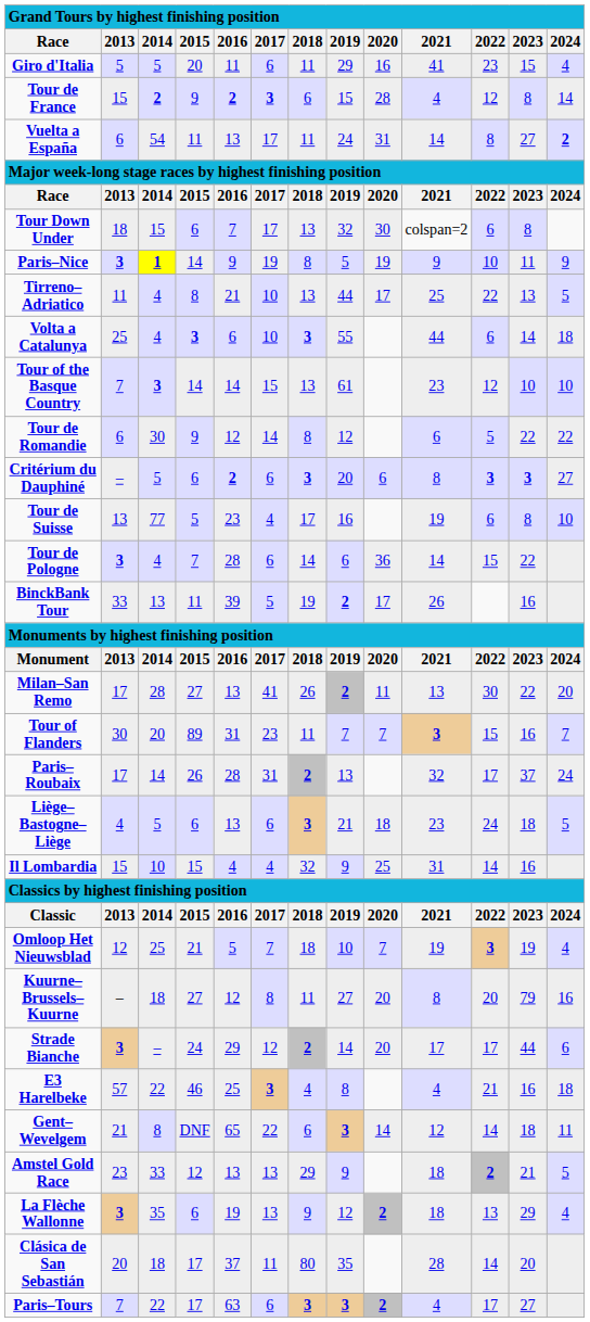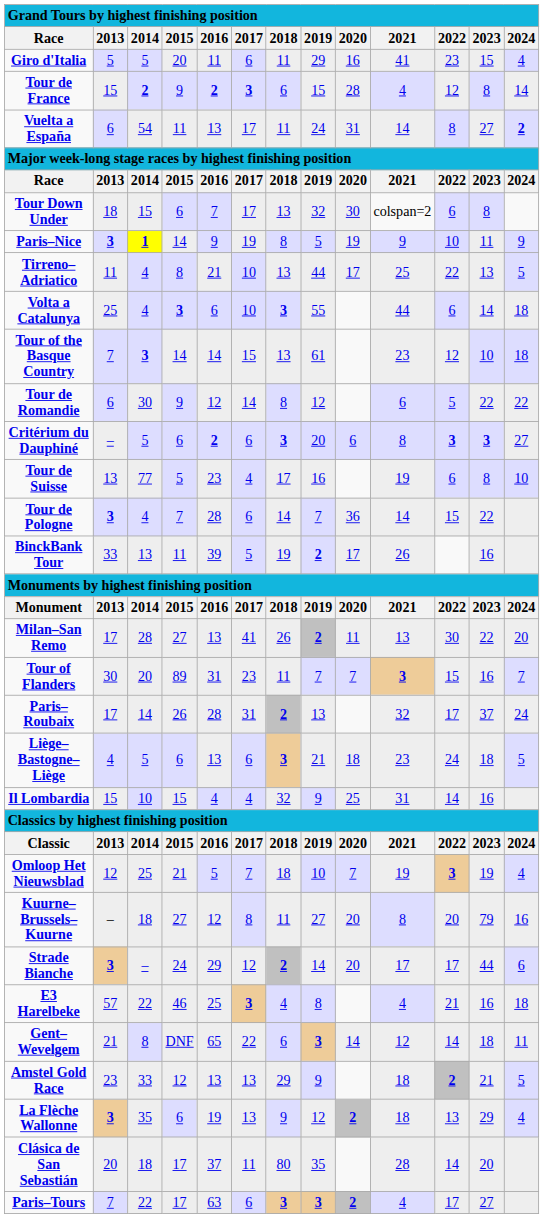 <table class="wikitable">
 <tr style="background:#eee;">
 <td style="background:#12B6DD;" colspan=35><strong>Grand Tours by highest finishing position</strong></td>
 </tr>
 <tr>
 <th>Race</th>
 <th>2013</th>
 <th>2014</th>
 <th>2015</th>
 <th>2016</th>
 <th>2017</th>
 <th>2018</th>
 <th>2019</th>
 <th>2020</th>
 <th>2021</th>
 <th>2022</th>
 <th>2023</th>
 <th>2024</th>
 </tr>
 <tr align="center">
 <td><strong><a href='#'>Giro d'Italia</a></strong></td>
 <td style="background:#ddf;"><a href='#'>5</a></td>
 <td style="background:#ddf;"><a href='#'>5</a></td>
 <td style="background:#eee;"><a href='#'>20</a></td>
 <td style="background:#eee;"><a href='#'>11</a></td>
 <td style="background:#ddf;"><a href='#'>6</a></td>
 <td style="background:#eee;"><a href='#'>11</a></td>
 <td style="background:#eee;"><a href='#'>29</a></td>
 <td style="background:#eee;"><a href='#'>16</a></td>
 <td style="background:#eee;"><a href='#'>41</a></td>
 <td style="background:#eee;"><a href='#'>23</a></td>
 <td style="background:#eee;"><a href='#'>15</a></td>
 <td style="background:#ddf;"><a href='#'>4</a></td>
 </tr>
 <tr align="center">
 <td><strong><a href='#'>Tour de France</a></strong></td>
 <td style="background:#eee;"><a href='#'>15</a></td>
 <td style="background:#ddf;"><a href='#'><strong>2</strong></a></td>
 <td style="background:#ddf;"><a href='#'>9</a></td>
 <td style="background:#ddf;"><a href='#'><strong>2</strong></a></td>
 <td style="background:#ddf;"><a href='#'><strong>3</strong></a></td>
 <td style="background:#ddf;"><a href='#'>6</a></td>
 <td style="background:#eee;"><a href='#'>15</a></td>
 <td style="background:#eee;"><a href='#'>28</a></td>
 <td style="background:#ddf;"><a href='#'>4</a></td>
 <td style="background:#eee;"><a href='#'>12</a></td>
 <td style="background:#ddf;"><a href='#'>8</a></td>
 <td style="background:#eee;"><a href='#'>14</a></td>
 </tr>
 <tr align="center">
 <td><strong><a href='#'>Vuelta a España</a></strong></td>
 <td style="background:#ddf;"><a href='#'>6</a></td>
 <td style="background:#eee;"><a href='#'>54</a></td>
 <td style="background:#eee;"><a href='#'>11</a></td>
 <td style="background:#eee;"><a href='#'>13</a></td>
 <td style="background:#eee;"><a href='#'>17</a></td>
 <td style="background:#eee;"><a href='#'>11</a></td>
 <td style="background:#eee;"><a href='#'>24</a></td>
 <td style="background:#eee;"><a href='#'>31</a></td>
 <td style="background:#eee;"><a href='#'>14</a></td>
 <td style="background:#ddf;"><a href='#'>8</a></td>
 <td style="background:#eee;"><a href='#'>27</a></td>
 <td style="background:#ddf;"><a href='#'><strong>2</strong></a></td>
 </tr>
 <tr>
 <td style="background:#12B6DD;" colspan=35><strong>Major week-long stage races by highest finishing position</strong></td>
 </tr>
 <tr>
 <th>Race</th>
 <th>2013</th>
 <th>2014</th>
 <th>2015</th>
 <th>2016</th>
 <th>2017</th>
 <th>2018</th>
 <th>2019</th>
 <th>2020</th>
 <th>2021</th>
 <th>2022</th>
 <th>2023</th>
 <th>2024</th>
 </tr>
 <tr align="center">
 <td><strong><a href='#'>Tour Down Under</a></strong></td>
 <td style="background:#eee;"><a href='#'>18</a></td>
 <td style="background:#eee;"><a href='#'>15</a></td>
 <td style="background:#ddf;"><a href='#'>6</a></td>
 <td style="background:#ddf;"><a href='#'>7</a></td>
 <td style="background:#eee;"><a href='#'>17</a></td>
 <td style="background:#eee;"><a href='#'>13</a></td>
 <td style="background:#eee;"><a href='#'>32</a></td>
 <td style="background:#eee;"><a href='#'>30</a></td>
 <td>colspan=2 </td>
 <td style="background:#ddf;"><a href='#'>6</a></td>
 <td style="background:#ddf;"><a href='#'>8</a></td>
 </tr>
 <tr align="center">
 <td><strong><a href='#'>Paris–Nice</a></strong></td>
 <td style="background:#ddf;"><a href='#'><strong>3</strong></a></td>
 <td style="background:yellow;"><a href='#'><strong>1</strong></a></td>
 <td style="background:#eee;"><a href='#'>14</a></td>
 <td style="background:#ddf;"><a href='#'>9</a></td>
 <td style="background:#eee;"><a href='#'>19</a></td>
 <td style="background:#ddf;"><a href='#'>8</a></td>
 <td style="background:#ddf;"><a href='#'>5</a></td>
 <td style="background:#eee;"><a href='#'>19</a></td>
 <td style="background:#ddf;"><a href='#'>9</a></td>
 <td style="background:#ddf;"><a href='#'>10</a></td>
 <td style="background:#eee;"><a href='#'>11</a></td>
 <td style="background:#ddf;"><a href='#'>9</a></td>
 </tr>
 <tr align="center">
 <td><strong><a href='#'>Tirreno–Adriatico</a></strong></td>
 <td style="background:#eee;"><a href='#'>11</a></td>
 <td style="background:#ddf;"><a href='#'>4</a></td>
 <td style="background:#ddf;"><a href='#'>8</a></td>
 <td style="background:#eee;"><a href='#'>21</a></td>
 <td style="background:#ddf;"><a href='#'>10</a></td>
 <td style="background:#eee;"><a href='#'>13</a></td>
 <td style="background:#eee;"><a href='#'>44</a></td>
 <td style="background:#eee;"><a href='#'>17</a></td>
 <td style="background:#eee;"><a href='#'>25</a></td>
 <td style="background:#eee;"><a href='#'>22</a></td>
 <td style="background:#eee;"><a href='#'>13</a></td>
 <td style="background:#ddf;"><a href='#'>5</a></td>
 </tr>
 <tr align="center">
 <td><strong><a href='#'>Volta a Catalunya</a></strong></td>
 <td style="background:#eee;"><a href='#'>25</a></td>
 <td style="background:#ddf;"><a href='#'>4</a></td>
 <td style="background:#ddf;"><a href='#'><strong>3</strong></a></td>
 <td style="background:#ddf;"><a href='#'>6</a></td>
 <td style="background:#ddf;"><a href='#'>10</a></td>
 <td style="background:#ddf;"><a href='#'><strong>3</strong></a></td>
 <td style="background:#eee;"><a href='#'>55</a></td>
 <td></td>
 <td style="background:#eee;"><a href='#'>44</a></td>
 <td style="background:#ddf;"><a href='#'>6</a></td>
 <td style="background:#eee;"><a href='#'>14</a></td>
 <td style="background:#eee;"><a href='#'>18</a></td>
 </tr>
 <tr align="center">
 <td><strong><a href='#'>Tour of the Basque Country</a></strong></td>
 <td style="background:#ddf;"><a href='#'>7</a></td>
 <td style="background:#ddf;"><a href='#'><strong>3</strong></a></td>
 <td style="background:#eee;"><a href='#'>14</a></td>
 <td style="background:#eee;"><a href='#'>14</a></td>
 <td style="background:#eee;"><a href='#'>15</a></td>
 <td style="background:#eee;"><a href='#'>13</a></td>
 <td style="background:#eee;"><a href='#'>61</a></td>
 <td></td>
 <td style="background:#eee;"><a href='#'>23</a></td>
 <td style="background:#eee;"><a href='#'>12</a></td>
 <td style="background:#ddf;"><a href='#'>10</a></td>
-<td style="background:#ddf;"><a href='#'>10</a></td>
+<td style="background:#ddf;"><a href='#'>18</a></td>
 </tr>
 <tr align="center">
 <td><strong><a href='#'>Tour de Romandie</a></strong></td>
 <td style="background:#ddf;"><a href='#'>6</a></td>
 <td style="background:#eee;"><a href='#'>30</a></td>
 <td style="background:#ddf;"><a href='#'>9</a></td>
 <td style="background:#eee;"><a href='#'>12</a></td>
 <td style="background:#eee;"><a href='#'>14</a></td>
 <td style="background:#ddf;"><a href='#'>8</a></td>
 <td style="background:#eee;"><a href='#'>12</a></td>
 <td></td>
 <td style="background:#ddf;"><a href='#'>6</a></td>
 <td style="background:#ddf;"><a href='#'>5</a></td>
 <td style="background:#eee;"><a href='#'>22</a></td>
 <td style="background:#eee;"><a href='#'>22</a></td>
 </tr>
 <tr align="center">
 <td><strong><a href='#'>Critérium du Dauphiné</a></strong></td>
 <td style="background:#eee;"><a href='#'>–</a></td>
 <td style="background:#ddf;"><a href='#'>5</a></td>
 <td style="background:#ddf;"><a href='#'>6</a></td>
 <td style="background:#ddf;"><a href='#'><strong>2</strong></a></td>
 <td style="background:#ddf;"><a href='#'>6</a></td>
 <td style="background:#ddf;"><a href='#'><strong>3</strong></a></td>
 <td style="background:#ddf;"><a href='#'>20</a></td>
 <td style="background:#ddf;"><a href='#'>6</a></td>
 <td style="background:#ddf;"><a href='#'>8</a></td>
 <td style="background:#ddf;"><a href='#'><strong>3</strong></a></td>
 <td style="background:#ddf;"><a href='#'><strong>3</strong></a></td>
 <td style="background:#eee;"><a href='#'>27</a></td>
 </tr>
 <tr align="center">
 <td><strong><a href='#'>Tour de Suisse</a></strong></td>
 <td style="background:#eee;"><a href='#'>13</a></td>
 <td style="background:#eee;"><a href='#'>77</a></td>
 <td style="background:#ddf;"><a href='#'>5</a></td>
 <td style="background:#eee;"><a href='#'>23</a></td>
 <td style="background:#ddf;"><a href='#'>4</a></td>
 <td style="background:#eee;"><a href='#'>17</a></td>
 <td style="background:#eee;"><a href='#'>16</a></td>
 <td></td>
 <td style="background:#eee;"><a href='#'>19</a></td>
 <td style="background:#ddf;"><a href='#'>6</a></td>
 <td style="background:#ddf;"><a href='#'>8</a></td>
 <td style="background:#ddf;"><a href='#'>10</a></td>
 </tr>
 <tr align="center">
 <td><strong><a href='#'>Tour de Pologne</a></strong></td>
 <td style="background:#ddf;"><a href='#'><strong>3</strong></a></td>
 <td style="background:#ddf;"><a href='#'>4</a></td>
 <td style="background:#ddf;"><a href='#'>7</a></td>
 <td style="background:#eee;"><a href='#'>28</a></td>
 <td style="background:#ddf;"><a href='#'>6</a></td>
 <td style="background:#eee;"><a href='#'>14</a></td>
-<td style="background:#ddf;"><a href='#'>6</a></td>
+<td style="background:#ddf;"><a href='#'>7</a></td>
 <td style="background:#eee;"><a href='#'>36</a></td>
 <td style="background:#eee;"><a href='#'>14</a></td>
 <td style="background:#eee;"><a href='#'>15</a></td>
 <td style="background:#eee;"><a href='#'>22</a></td>
 <td style="background:#eee;"></td>
 </tr>
 <tr align="center">
 <td><strong><a href='#'>BinckBank Tour</a></strong></td>
 <td style="background:#eee;"><a href='#'>33</a></td>
 <td style="background:#eee;"><a href='#'>13</a></td>
 <td style="background:#eee;"><a href='#'>11</a></td>
 <td style="background:#eee;"><a href='#'>39</a></td>
 <td style="background:#ddf;"><a href='#'>5</a></td>
 <td style="background:#eee;"><a href='#'>19</a></td>
 <td style="background:#ddf;"><a href='#'><strong>2</strong></a></td>
 <td style="background:#eee;"><a href='#'>17</a></td>
 <td style="background:#eee;"><a href='#'>26</a></td>
 <td></td>
 <td style="background:#eee;"><a href='#'>16</a></td>
 <td style="background:#eee;"></td>
 </tr>
 <tr>
 <td style="background:#12B6DD;" colspan=35><strong>Monuments by highest finishing position</strong></td>
 </tr>
 <tr>
 <th>Monument</th>
 <th>2013</th>
 <th>2014</th>
 <th>2015</th>
 <th>2016</th>
 <th>2017</th>
 <th>2018</th>
 <th>2019</th>
 <th>2020</th>
 <th>2021</th>
 <th>2022</th>
 <th>2023</th>
 <th>2024</th>
 </tr>
 <tr align="center">
 <td><strong><a href='#'>Milan–San Remo</a></strong></td>
 <td style="background:#eee;"><a href='#'>17</a></td>
 <td style="background:#eee;"><a href='#'>28</a></td>
 <td style="background:#eee;"><a href='#'>27</a></td>
 <td style="background:#eee;"><a href='#'>13</a></td>
 <td style="background:#eee;"><a href='#'>41</a></td>
 <td style="background:#eee;"><a href='#'>26</a></td>
 <td style="background:silver;"><a href='#'><strong>2</strong></a></td>
 <td style="background:#eee;"><a href='#'>11</a></td>
 <td style="background:#eee;"><a href='#'>13</a></td>
 <td style="background:#eee;"><a href='#'>30</a></td>
 <td style="background:#eee;"><a href='#'>22</a></td>
 <td style="background:#eee;"><a href='#'>20</a></td>
 </tr>
 <tr align="center">
 <td><strong><a href='#'>Tour of Flanders</a></strong></td>
 <td style="background:#eee;"><a href='#'>30</a></td>
 <td style="background:#eee;"><a href='#'>20</a></td>
 <td style="background:#eee;"><a href='#'>89</a></td>
 <td style="background:#eee;"><a href='#'>31</a></td>
 <td style="background:#eee;"><a href='#'>23</a></td>
 <td style="background:#eee;"><a href='#'>11</a></td>
 <td style="background:#ddf;"><a href='#'>7</a></td>
 <td style="background:#ddf;"><a href='#'>7</a></td>
 <td style="background:#ec9;"><a href='#'><strong>3</strong></a></td>
 <td style="background:#eee;"><a href='#'>15</a></td>
 <td style="background:#eee;"><a href='#'>16</a></td>
 <td style="background:#ddf;"><a href='#'>7</a></td>
 </tr>
 <tr align="center">
 <td><strong><a href='#'>Paris–Roubaix</a></strong></td>
 <td style="background:#eee;"><a href='#'>17</a></td>
 <td style="background:#eee;"><a href='#'>14</a></td>
 <td style="background:#eee;"><a href='#'>26</a></td>
 <td style="background:#eee;"><a href='#'>28</a></td>
 <td style="background:#eee;"><a href='#'>31</a></td>
 <td style="background:silver;"><a href='#'><strong>2</strong></a></td>
 <td style="background:#eee;"><a href='#'>13</a></td>
 <td></td>
 <td style="background:#eee;"><a href='#'>32</a></td>
 <td style="background:#eee;"><a href='#'>17</a></td>
 <td style="background:#eee;"><a href='#'>37</a></td>
 <td style="background:#eee;"><a href='#'>24</a></td>
 </tr>
 <tr align="center">
 <td><strong><a href='#'>Liège–Bastogne–Liège</a></strong></td>
 <td style="background:#ddf;"><a href='#'>4</a></td>
 <td style="background:#ddf;"><a href='#'>5</a></td>
 <td style="background:#ddf;"><a href='#'>6</a></td>
 <td style="background:#eee;"><a href='#'>13</a></td>
 <td style="background:#ddf;"><a href='#'>6</a></td>
 <td style="background:#ec9;"><a href='#'><strong>3</strong></a></td>
 <td style="background:#eee;"><a href='#'>21</a></td>
 <td style="background:#eee;"><a href='#'>18</a></td>
 <td style="background:#eee;"><a href='#'>23</a></td>
 <td style="background:#eee;"><a href='#'>24</a></td>
 <td style="background:#eee;"><a href='#'>18</a></td>
 <td style="background:#ddf;"><a href='#'>5</a></td>
 </tr>
 <tr align="center">
 <td><strong><a href='#'>Il Lombardia</a></strong></td>
 <td style="background:#eee;"><a href='#'>15</a></td>
 <td style="background:#ddf;"><a href='#'>10</a></td>
 <td style="background:#eee;"><a href='#'>15</a></td>
 <td style="background:#ddf;"><a href='#'>4</a></td>
 <td style="background:#ddf;"><a href='#'>4</a></td>
 <td style="background:#eee;"><a href='#'>32</a></td>
 <td style="background:#ddf;"><a href='#'>9</a></td>
 <td style="background:#eee;"><a href='#'>25</a></td>
 <td style="background:#eee;"><a href='#'>31</a></td>
 <td style="background:#eee;"><a href='#'>14</a></td>
 <td style="background:#eee;"><a href='#'>16</a></td>
 <td style="background:#eee;"></td>
 </tr>
 <tr>
 <td style="background:#12B6DD;" colspan=35><strong>Classics by highest finishing position</strong></td>
 </tr>
 <tr>
 <th>Classic</th>
 <th>2013</th>
 <th>2014</th>
 <th>2015</th>
 <th>2016</th>
 <th>2017</th>
 <th>2018</th>
 <th>2019</th>
 <th>2020</th>
 <th>2021</th>
 <th>2022</th>
 <th>2023</th>
 <th>2024</th>
 </tr>
 <tr align="center">
 <td><strong><a href='#'>Omloop Het Nieuwsblad</a></strong></td>
 <td style="background:#eee;"><a href='#'>12</a></td>
 <td style="background:#eee;"><a href='#'>25</a></td>
 <td style="background:#eee;"><a href='#'>21</a></td>
 <td style="background:#ddf;"><a href='#'>5</a></td>
 <td style="background:#ddf;"><a href='#'>7</a></td>
 <td style="background:#eee;"><a href='#'>18</a></td>
 <td style="background:#ddf;"><a href='#'>10</a></td>
 <td style="background:#ddf;"><a href='#'>7</a></td>
 <td style="background:#eee;"><a href='#'>19</a></td>
 <td style="background:#ec9;"><a href='#'><strong>3</strong></a></td>
 <td style="background:#eee;"><a href='#'>19</a></td>
 <td style="background:#ddf;"><a href='#'>4</a></td>
 </tr>
 <tr align="center">
 <td><strong><a href='#'>Kuurne–Brussels–Kuurne</a></strong></td>
 <td style="background:#eee;">–</td>
 <td style="background:#eee;"><a href='#'>18</a></td>
 <td style="background:#eee;"><a href='#'>27</a></td>
 <td style="background:#eee;"><a href='#'>12</a></td>
 <td style="background:#ddf;"><a href='#'>8</a></td>
 <td style="background:#eee;"><a href='#'>11</a></td>
 <td style="background:#eee;"><a href='#'>27</a></td>
 <td style="background:#eee;"><a href='#'>20</a></td>
 <td style="background:#ddf;"><a href='#'>8</a></td>
 <td style="background:#eee;"><a href='#'>20</a></td>
 <td style="background:#eee;"><a href='#'>79</a></td>
 <td style="background:#eee;"><a href='#'>16</a></td>
 </tr>
 <tr align="center">
 <td><strong><a href='#'>Strade Bianche</a></strong></td>
 <td style="background:#ec9;"><a href='#'><strong>3</strong></a></td>
 <td style="background:#eee;"><a href='#'>–</a></td>
 <td style="background:#eee;"><a href='#'>24</a></td>
 <td style="background:#eee;"><a href='#'>29</a></td>
 <td style="background:#eee;"><a href='#'>12</a></td>
 <td style="background:silver;"><a href='#'><strong>2</strong></a></td>
 <td style="background:#eee;"><a href='#'>14</a></td>
 <td style="background:#eee;"><a href='#'>20</a></td>
 <td style="background:#eee;"><a href='#'>17</a></td>
 <td style="background:#eee;"><a href='#'>17</a></td>
 <td style="background:#eee;"><a href='#'>44</a></td>
 <td style="background:#ddf;"><a href='#'>6</a></td>
 </tr>
 <tr align="center">
 <td><strong><a href='#'>E3 Harelbeke</a></strong></td>
 <td style="background:#eee;"><a href='#'>57</a></td>
 <td style="background:#eee;"><a href='#'>22</a></td>
 <td style="background:#eee;"><a href='#'>46</a></td>
 <td style="background:#eee;"><a href='#'>25</a></td>
 <td style="background:#ec9;"><a href='#'><strong>3</strong></a></td>
 <td style="background:#ddf;"><a href='#'>4</a></td>
 <td style="background:#ddf;"><a href='#'>8</a></td>
 <td></td>
 <td style="background:#ddf;"><a href='#'>4</a></td>
 <td style="background:#eee;"><a href='#'>21</a></td>
 <td style="background:#eee;"><a href='#'>16</a></td>
 <td style="background:#eee;"><a href='#'>18</a></td>
 </tr>
 <tr align="center">
 <td><strong><a href='#'>Gent–Wevelgem</a></strong></td>
 <td style="background:#eee;"><a href='#'>21</a></td>
 <td style="background:#ddf;"><a href='#'>8</a></td>
 <td style="background:#eee;"><a href='#'>DNF</a></td>
 <td style="background:#eee;"><a href='#'>65</a></td>
 <td style="background:#eee;"><a href='#'>22</a></td>
 <td style="background:#ddf;"><a href='#'>6</a></td>
 <td style="background:#ec9;"><a href='#'><strong>3</strong></a></td>
 <td style="background:#eee;"><a href='#'>14</a></td>
 <td style="background:#eee;"><a href='#'>12</a></td>
 <td style="background:#eee;"><a href='#'>14</a></td>
 <td style="background:#eee;"><a href='#'>18</a></td>
 <td style="background:#eee;"><a href='#'>11</a></td>
 </tr>
 <tr align="center">
 <td><strong><a href='#'>Amstel Gold Race</a></strong></td>
 <td style="background:#eee;"><a href='#'>23</a></td>
 <td style="background:#eee;"><a href='#'>33</a></td>
 <td style="background:#eee;"><a href='#'>12</a></td>
 <td style="background:#eee;"><a href='#'>13</a></td>
 <td style="background:#eee;"><a href='#'>13</a></td>
 <td style="background:#eee;"><a href='#'>29</a></td>
 <td style="background:#ddf;"><a href='#'>9</a></td>
 <td></td>
 <td style="background:#eee;"><a href='#'>18</a></td>
 <td style="background:silver;"><a href='#'><strong>2</strong></a></td>
 <td style="background:#eee;"><a href='#'>21</a></td>
 <td style="background:#ddf;"><a href='#'>5</a></td>
 </tr>
 <tr align="center">
 <td><strong><a href='#'>La Flèche Wallonne</a></strong></td>
 <td style="background:#ec9;"><a href='#'><strong>3</strong></a></td>
 <td style="background:#eee;"><a href='#'>35</a></td>
 <td style="background:#ddf;"><a href='#'>6</a></td>
 <td style="background:#eee;"><a href='#'>19</a></td>
 <td style="background:#eee;"><a href='#'>13</a></td>
 <td style="background:#ddf;"><a href='#'>9</a></td>
 <td style="background:#eee;"><a href='#'>12</a></td>
 <td style="background:silver;"><a href='#'><strong>2</strong></a></td>
 <td style="background:#eee;"><a href='#'>18</a></td>
 <td style="background:#eee;"><a href='#'>13</a></td>
 <td style="background:#eee;"><a href='#'>29</a></td>
 <td style="background:#ddf;"><a href='#'>4</a></td>
 </tr>
 <tr align="center">
 <td><strong><a href='#'>Clásica de San Sebastián</a></strong></td>
 <td style="background:#eee;"><a href='#'>20</a></td>
 <td style="background:#eee;"><a href='#'>18</a></td>
 <td style="background:#eee;"><a href='#'>17</a></td>
 <td style="background:#eee;"><a href='#'>37</a></td>
 <td style="background:#eee;"><a href='#'>11</a></td>
 <td style="background:#eee;"><a href='#'>80</a></td>
 <td style="background:#eee;"><a href='#'>35</a></td>
 <td></td>
 <td style="background:#eee;"><a href='#'>28</a></td>
 <td style="background:#eee;"><a href='#'>14</a></td>
 <td style="background:#eee;"><a href='#'>20</a></td>
 <td style="background:#eee;"></td>
 </tr>
 <tr align="center">
 <td><strong><a href='#'>Paris–Tours</a></strong></td>
 <td style="background:#ddf;"><a href='#'>7</a></td>
 <td style="background:#eee;"><a href='#'>22</a></td>
 <td style="background:#eee;"><a href='#'>17</a></td>
 <td style="background:#eee;"><a href='#'>63</a></td>
 <td style="background:#ddf;"><a href='#'>6</a></td>
 <td style="background:#ec9;"><a href='#'><strong>3</strong></a></td>
 <td style="background:#ec9;"><a href='#'><strong>3</strong></a></td>
 <td style="background:silver;"><a href='#'><strong>2</strong></a></td>
 <td style="background:#ddf;"><a href='#'>4</a></td>
 <td style="background:#eee;"><a href='#'>17</a></td>
 <td style="background:#eee;"><a href='#'>27</a></td>
 <td style="background:#eee;"></td>
 </tr>
 </table>
